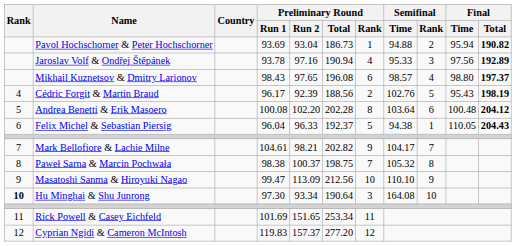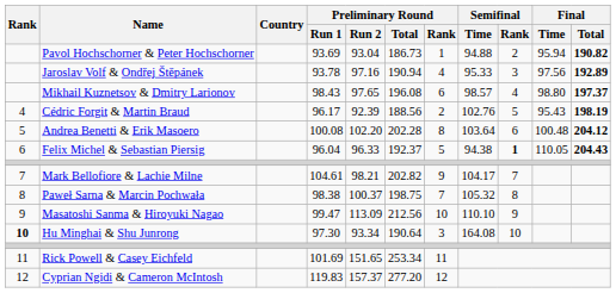 <table class="wikitable sortable" style="text-align:center">
 <tr>
 <th rowspan=2>Rank</th>
 <th rowspan=2>Name</th>
 <th rowspan=2>Country</th>
 <th colspan=4>Preliminary Round</th>
 <th colspan=2>Semifinal</th>
 <th colspan=2>Final</th>
 </tr>
 <tr>
 <th>Run 1</th>
 <th>Run 2</th>
 <th>Total</th>
 <th>Rank</th>
 <th>Time</th>
 <th>Rank</th>
 <th>Time</th>
 <th>Total</th>
 </tr>
 <tr>
 <td></td>
 <td align=left><a href='#'>Pavol Hochschorner</a> & <a href='#'>Peter Hochschorner</a></td>
 <td></td>
 <td>93.69</td>
 <td>93.04</td>
 <td>186.73</td>
 <td>1</td>
 <td>94.88</td>
 <td>2</td>
 <td>95.94</td>
 <td><strong>190.82</strong></td>
 </tr>
 <tr>
 <td></td>
 <td align=left><a href='#'>Jaroslav Volf</a> & <a href='#'>Ondřej Štěpánek</a></td>
 <td></td>
 <td>93.78</td>
 <td>97.16</td>
 <td>190.94</td>
 <td>4</td>
 <td>95.33</td>
 <td>3</td>
 <td>97.56</td>
 <td><strong>192.89 </strong></td>
 </tr>
 <tr>
 <td></td>
 <td align=left><a href='#'>Mikhail Kuznetsov</a> & <a href='#'>Dmitry Larionov</a></td>
 <td></td>
 <td>98.43</td>
 <td>97.65</td>
 <td>196.08</td>
 <td>6</td>
 <td>98.57</td>
 <td>4</td>
 <td>98.80</td>
 <td><strong>197.37 </strong></td>
 </tr>
 <tr>
 <td>4</td>
 <td align=left><a href='#'>Cédric Forgit</a> & <a href='#'>Martin Braud</a></td>
 <td></td>
 <td>96.17</td>
 <td>92.39</td>
 <td>188.56</td>
 <td>2</td>
 <td>102.76</td>
 <td>5</td>
 <td>95.43</td>
 <td><strong>198.19</strong></td>
 </tr>
 <tr>
 <td>5</td>
 <td align=left><a href='#'>Andrea Benetti</a> & <a href='#'>Erik Masoero</a></td>
 <td></td>
 <td>100.08</td>
 <td>102.20</td>
 <td>202.28</td>
 <td>8</td>
 <td>103.64</td>
 <td>6</td>
 <td>100.48</td>
 <td><strong>204.12</strong></td>
 </tr>
 <tr>
 <td>6</td>
 <td align=left><a href='#'>Felix Michel</a> & <a href='#'>Sebastian Piersig</a></td>
 <td></td>
 <td>96.04</td>
 <td>96.33</td>
 <td>192.37</td>
 <td>5</td>
 <td>94.38</td>
-<td>1</td>
+<td><strong>1</strong></td>
 <td>110.05</td>
 <td><strong>204.43 </strong></td>
 </tr>
 <tr bgcolor=lightgray>
 <td colspan=12></td>
 </tr>
 <tr>
 <td>7</td>
 <td align=left><a href='#'>Mark Bellofiore</a> & <a href='#'>Lachie Milne</a></td>
 <td></td>
 <td>104.61</td>
 <td>98.21</td>
 <td>202.82</td>
 <td>9</td>
 <td>104.17</td>
 <td>7</td>
 <td></td>
 <td><strong> </strong></td>
 </tr>
 <tr>
 <td>8</td>
 <td align=left><a href='#'>Paweł Sarna</a> & <a href='#'>Marcin Pochwała</a></td>
 <td></td>
 <td>98.38</td>
 <td>100.37</td>
 <td>198.75</td>
 <td>7</td>
 <td>105.32</td>
 <td>8</td>
 <td></td>
 <td><strong> </strong></td>
 </tr>
 <tr>
 <td>9</td>
 <td align=left><a href='#'>Masatoshi Sanma</a> & <a href='#'>Hiroyuki Nagao</a></td>
 <td></td>
 <td>99.47</td>
 <td>113.09</td>
 <td>212.56</td>
 <td>10</td>
 <td>110.10</td>
 <td>9</td>
 <td></td>
 <td><strong> </strong></td>
 </tr>
 <tr>
 <td><strong>10</strong></td>
 <td align=left><a href='#'>Hu Minghai</a> & <a href='#'>Shu Junrong</a></td>
 <td></td>
 <td>97.30</td>
 <td>93.34</td>
 <td>190.64</td>
 <td>3</td>
 <td>164.08</td>
 <td>10</td>
 <td></td>
 <td><strong> </strong></td>
 </tr>
 <tr bgcolor=lightgray>
 <td colspan=12></td>
 </tr>
 <tr>
 <td>11</td>
 <td align=left><a href='#'>Rick Powell</a> & <a href='#'>Casey Eichfeld</a></td>
 <td></td>
 <td>101.69</td>
 <td>151.65</td>
 <td>253.34</td>
 <td>11</td>
 <td colspan="4"></td>
 </tr>
 <tr>
 <td>12</td>
 <td align=left><a href='#'>Cyprian Ngidi</a> & <a href='#'>Cameron McIntosh</a></td>
 <td></td>
 <td>119.83</td>
 <td>157.37</td>
 <td>277.20</td>
 <td>12</td>
 <td colspan="4"></td>
 </tr>
 </table>
